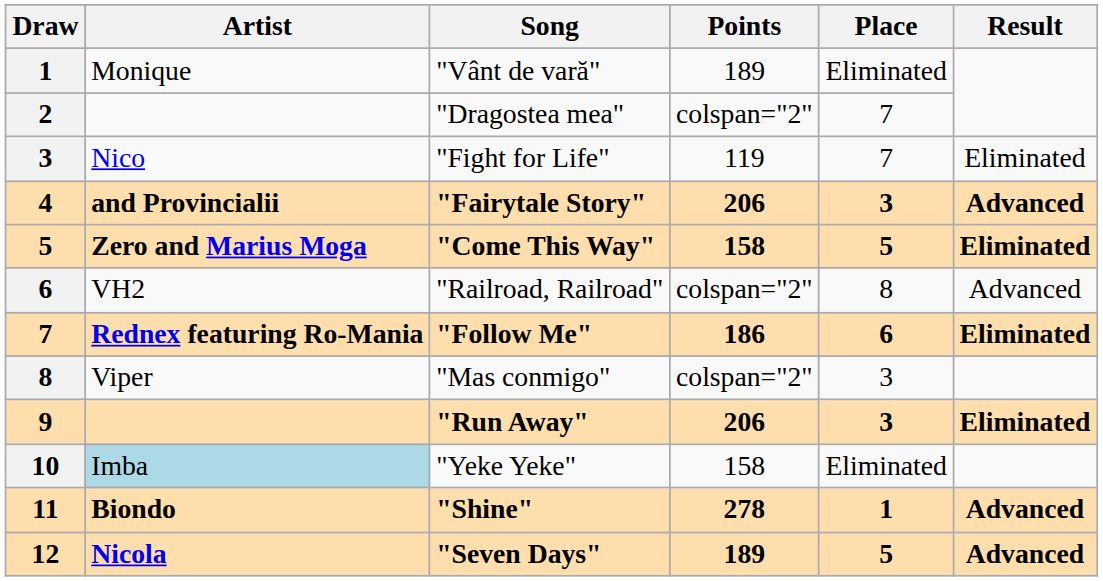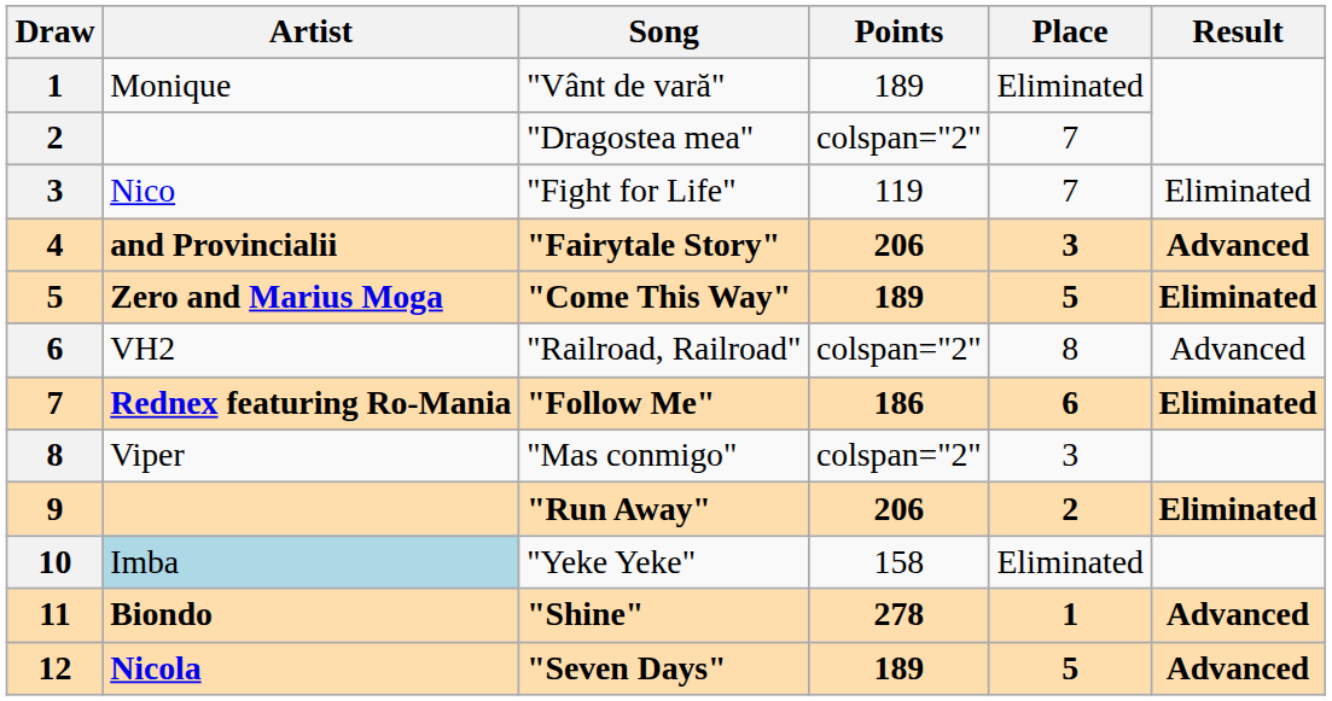 <table class="wikitable sortable plainrowheaders" style="margin: 1em auto 1em auto; text-align:center">
 <tr>
 <th scope="col">Draw</th>
 <th scope="col">Artist</th>
 <th scope="col">Song</th>
 <th scope="col">Points</th>
 <th scope="col">Place</th>
 <th scope="col">Result</th>
 </tr>
 <tr>
 <th scope="row" style="text-align:center;">1</th>
 <td style="text-align:left;">Monique</td>
 <td style="text-align:left;">"Vânt de vară"</td>
 <td>189</td>
 <td>Eliminated</td>
 </tr>
 <tr>
 <th scope="row" style="text-align:center;">2</th>
 <td style="text-align:left;"></td>
 <td style="text-align:left;">"Dragostea mea"</td>
 <td>colspan="2" </td>
 <td>7</td>
 </tr>
 <tr>
 <th scope="row" style="text-align:center;">3</th>
 <td style="text-align:left;"><a href='#'>Nico</a></td>
 <td style="text-align:left;">"Fight for Life"</td>
 <td>119</td>
 <td>7</td>
 <td>Eliminated</td>
 </tr>
 <tr style="font-weight:bold; background:navajowhite;">
 <th scope="row" style="text-align:center; font-weight:bold; background:navajowhite;">4</th>
 <td style="text-align:left;"> and Provincialii</td>
 <td style="text-align:left;">"Fairytale Story"</td>
 <td>206</td>
 <td>3</td>
 <td>Advanced</td>
 </tr>
 <tr style="font-weight:bold; background:navajowhite;">
 <th scope="row" style="text-align:center; font-weight:bold; background:navajowhite;">5</th>
 <td style="text-align:left;">Zero and <a href='#'>Marius Moga</a></td>
 <td style="text-align:left;">"Come This Way"</td>
-<td>158</td>
+<td>189</td>
 <td>5</td>
 <td>Eliminated</td>
 </tr>
 <tr>
 <th scope="row" style="text-align:center;">6</th>
 <td style="text-align:left;">VH2</td>
 <td style="text-align:left;">"Railroad, Railroad"</td>
 <td>colspan="2" </td>
 <td>8</td>
 <td>Advanced</td>
 </tr>
 <tr style="font-weight:bold; background:navajowhite;">
 <th scope="row" style="text-align:center; font-weight:bold; background:navajowhite;">7</th>
 <td style="text-align:left;"><a href='#'>Rednex</a> featuring Ro-Mania</td>
 <td style="text-align:left;">"Follow Me"</td>
 <td>186</td>
 <td>6</td>
 <td>Eliminated</td>
 </tr>
 <tr>
 <th scope="row" style="text-align:center;">8</th>
 <td style="text-align:left;">Viper</td>
 <td style="text-align:left;">"Mas conmigo"</td>
 <td>colspan="2" </td>
 <td>3</td>
 </tr>
 <tr style="font-weight:bold; background:navajowhite;">
 <th scope="row" style="text-align:center; font-weight:bold; background:navajowhite;">9</th>
 <td style="text-align:left;"></td>
 <td style="text-align:left;">"Run Away"</td>
 <td>206</td>
-<td>3</td>
+<td>2</td>
 <td>Eliminated</td>
 </tr>
 <tr>
 <th scope="row" style="text-align:center;">10</th>
 <td style="background: lightblue; text-align:left;">Imba</td>
 <td style="text-align:left;">"Yeke Yeke"</td>
 <td>158</td>
 <td>Eliminated</td>
 </tr>
 <tr style="font-weight:bold; background:navajowhite;">
 <th scope="row" style="text-align:center; font-weight:bold; background:navajowhite;">11</th>
 <td style="text-align:left;">Biondo</td>
 <td style="text-align:left;">"Shine"</td>
 <td>278</td>
 <td>1</td>
 <td>Advanced</td>
 </tr>
 <tr style="font-weight:bold; background:navajowhite;">
 <th scope="row" style="text-align:center; font-weight:bold; background:navajowhite;">12</th>
 <td style="text-align:left;"><a href='#'>Nicola</a></td>
 <td style="text-align:left;">"Seven Days"</td>
 <td>189</td>
 <td>5</td>
 <td>Advanced</td>
 </tr>
 </table>
